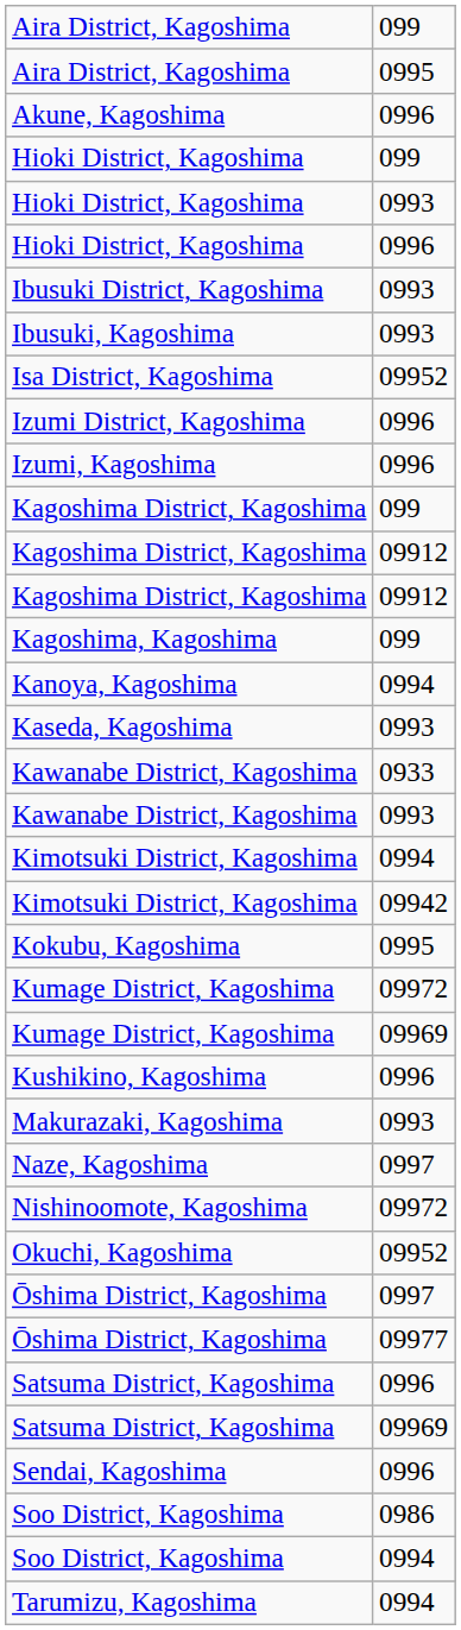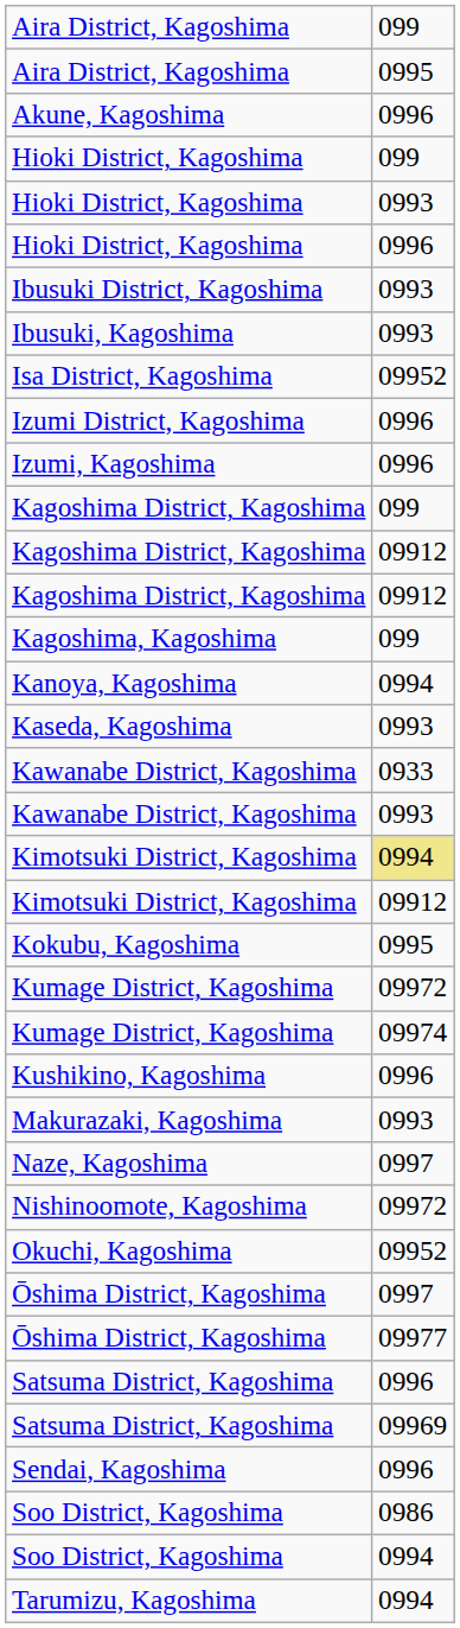 <table class="wikitable">
 <tr>
 <td><a href='#'>Aira District, Kagoshima</a></td>
 <td>099</td>
 </tr>
 <tr>
 <td><a href='#'>Aira District, Kagoshima</a></td>
 <td>0995</td>
 </tr>
 <tr>
 <td><a href='#'>Akune, Kagoshima</a></td>
 <td>0996</td>
 </tr>
 <tr>
 <td><a href='#'>Hioki District, Kagoshima</a></td>
 <td>099</td>
 </tr>
 <tr>
 <td><a href='#'>Hioki District, Kagoshima</a></td>
 <td>0993</td>
 </tr>
 <tr>
 <td><a href='#'>Hioki District, Kagoshima</a></td>
 <td>0996</td>
 </tr>
 <tr>
 <td><a href='#'>Ibusuki District, Kagoshima</a></td>
 <td>0993</td>
 </tr>
 <tr>
 <td><a href='#'>Ibusuki, Kagoshima</a></td>
 <td>0993</td>
 </tr>
 <tr>
 <td><a href='#'>Isa District, Kagoshima</a></td>
 <td>09952</td>
 </tr>
 <tr>
 <td><a href='#'>Izumi District, Kagoshima</a></td>
 <td>0996</td>
 </tr>
 <tr>
 <td><a href='#'>Izumi, Kagoshima</a></td>
 <td>0996</td>
 </tr>
 <tr>
 <td><a href='#'>Kagoshima District, Kagoshima</a></td>
 <td>099</td>
 </tr>
 <tr>
 <td><a href='#'>Kagoshima District, Kagoshima</a></td>
 <td>09912</td>
 </tr>
 <tr>
 <td><a href='#'>Kagoshima District, Kagoshima</a></td>
 <td>09912</td>
 </tr>
 <tr>
 <td><a href='#'>Kagoshima, Kagoshima</a></td>
 <td>099</td>
 </tr>
 <tr>
 <td><a href='#'>Kanoya, Kagoshima</a></td>
 <td>0994</td>
 </tr>
 <tr>
 <td><a href='#'>Kaseda, Kagoshima</a></td>
 <td>0993</td>
 </tr>
 <tr>
 <td><a href='#'>Kawanabe District, Kagoshima</a></td>
 <td>0933</td>
 </tr>
 <tr>
 <td><a href='#'>Kawanabe District, Kagoshima</a></td>
 <td>0993</td>
 </tr>
 <tr>
 <td><a href='#'>Kimotsuki District, Kagoshima</a></td>
-<td>0994</td>
+<td style="background: khaki;">0994</td>
 </tr>
 <tr>
 <td><a href='#'>Kimotsuki District, Kagoshima</a></td>
-<td>09942</td>
+<td>09912</td>
 </tr>
 <tr>
 <td><a href='#'>Kokubu, Kagoshima</a></td>
 <td>0995</td>
 </tr>
 <tr>
 <td><a href='#'>Kumage District, Kagoshima</a></td>
 <td>09972</td>
 </tr>
 <tr>
 <td><a href='#'>Kumage District, Kagoshima</a></td>
-<td>09969</td>
+<td>09974</td>
 </tr>
 <tr>
 <td><a href='#'>Kushikino, Kagoshima</a></td>
 <td>0996</td>
 </tr>
 <tr>
 <td><a href='#'>Makurazaki, Kagoshima</a></td>
 <td>0993</td>
 </tr>
 <tr>
 <td><a href='#'>Naze, Kagoshima</a></td>
 <td>0997</td>
 </tr>
 <tr>
 <td><a href='#'>Nishinoomote, Kagoshima</a></td>
 <td>09972</td>
 </tr>
 <tr>
 <td><a href='#'>Okuchi, Kagoshima</a></td>
 <td>09952</td>
 </tr>
 <tr>
 <td><a href='#'>Ōshima District, Kagoshima</a></td>
 <td>0997</td>
 </tr>
 <tr>
 <td><a href='#'>Ōshima District, Kagoshima</a></td>
 <td>09977</td>
 </tr>
 <tr>
 <td><a href='#'>Satsuma District, Kagoshima</a></td>
 <td>0996</td>
 </tr>
 <tr>
 <td><a href='#'>Satsuma District, Kagoshima</a></td>
 <td>09969</td>
 </tr>
 <tr>
 <td><a href='#'>Sendai, Kagoshima</a></td>
 <td>0996</td>
 </tr>
 <tr>
 <td><a href='#'>Soo District, Kagoshima</a></td>
 <td>0986</td>
 </tr>
 <tr>
 <td><a href='#'>Soo District, Kagoshima</a></td>
 <td>0994</td>
 </tr>
 <tr>
 <td><a href='#'>Tarumizu, Kagoshima</a></td>
 <td>0994</td>
 </tr>
 </table>
